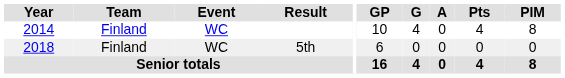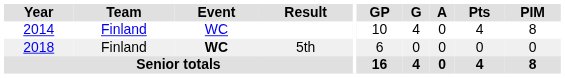 <table border="0" cellpadding="1" cellspacing="0" ID="Table3" style="text-align:center; width:40em">
 <tr ALIGN="center" bgcolor="#e0e0e0">
 <th>Year</th>
 <th>Team</th>
 <th>Event</th>
 <th>Result</th>
 <th rowspan="99" bgcolor="#ffffff"></th>
 <th>GP</th>
 <th>G</th>
 <th>A</th>
 <th>Pts</th>
 <th>PIM</th>
 </tr>
 <tr>
 <td><a href='#'>2014</a></td>
 <td><a href='#'>Finland</a></td>
 <td><a href='#'>WC</a></td>
 <td></td>
 <td>10</td>
 <td>4</td>
 <td>0</td>
 <td>4</td>
 <td>8</td>
 </tr>
 <tr bgcolor="#f0f0f0">
 <td><a href='#'>2018</a></td>
 <td>Finland</td>
-<td>WC</td>
+<td><strong>WC</strong></td>
 <td>5th</td>
 <td>6</td>
 <td>0</td>
 <td>0</td>
 <td>0</td>
 <td>0</td>
 </tr>
 <tr bgcolor="#e0e0e0">
 <th colspan="4">Senior totals</th>
 <th>16</th>
 <th>4</th>
 <th>0</th>
 <th>4</th>
 <th>8</th>
 </tr>
 </table>
